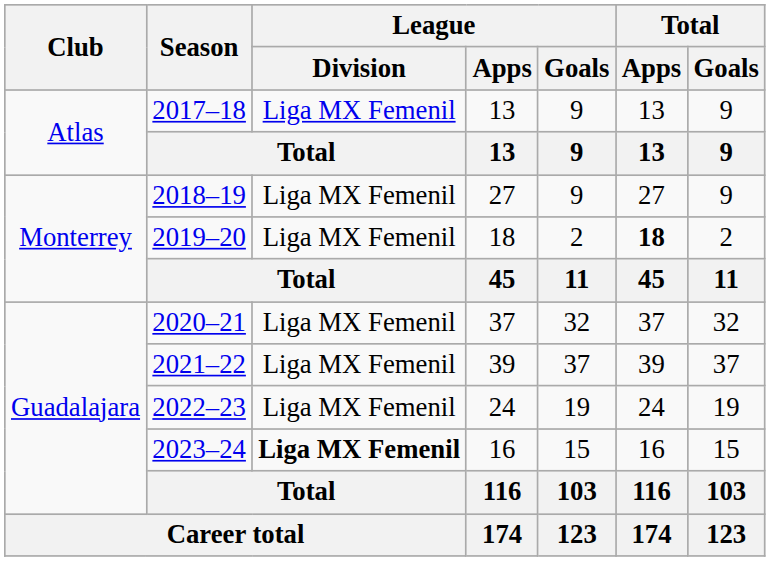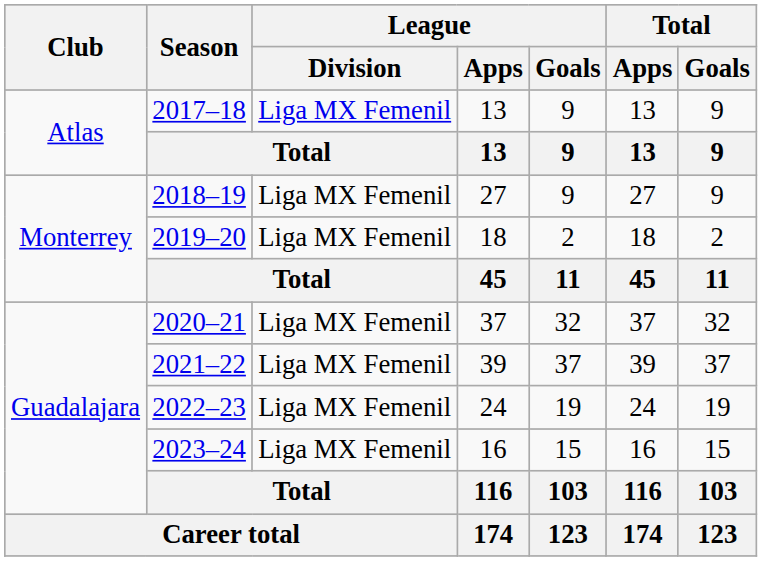 <table class=wikitable style="text-align: center;">
 <tr>
 <th rowspan=2>Club</th>
 <th rowspan=2>Season</th>
 <th colspan=3>League</th>
 <th colspan=2>Total</th>
 </tr>
 <tr>
 <th>Division</th>
 <th>Apps</th>
 <th>Goals</th>
 <th>Apps</th>
 <th>Goals</th>
 </tr>
 <tr>
 <td rowspan=2><a href='#'>Atlas</a></td>
 <td><a href='#'>2017–18</a></td>
 <td><a href='#'>Liga MX Femenil</a></td>
 <td>13</td>
 <td>9</td>
 <td>13</td>
 <td>9</td>
 </tr>
 <tr>
 <th colspan=2>Total</th>
 <th>13</th>
 <th>9</th>
 <th>13</th>
 <th>9</th>
 </tr>
 <tr>
 <td rowspan=3><a href='#'>Monterrey</a></td>
 <td><a href='#'>2018–19</a></td>
 <td>Liga MX Femenil</td>
 <td>27</td>
 <td>9</td>
 <td>27</td>
 <td>9</td>
 </tr>
 <tr>
 <td><a href='#'>2019–20</a></td>
 <td>Liga MX Femenil</td>
 <td>18</td>
 <td>2</td>
-<td><strong>18</strong></td>
+<td>18</td>
 <td>2</td>
 </tr>
 <tr>
 <th colspan=2>Total</th>
 <th>45</th>
 <th>11</th>
 <th>45</th>
 <th>11</th>
 </tr>
 <tr>
 <td rowspan=5><a href='#'>Guadalajara</a></td>
 <td><a href='#'>2020–21</a></td>
 <td>Liga MX Femenil</td>
 <td>37</td>
 <td>32</td>
 <td>37</td>
 <td>32</td>
 </tr>
 <tr>
 <td><a href='#'>2021–22</a></td>
 <td>Liga MX Femenil</td>
 <td>39</td>
 <td>37</td>
 <td>39</td>
 <td>37</td>
 </tr>
 <tr>
 <td><a href='#'>2022–23</a></td>
 <td>Liga MX Femenil</td>
 <td>24</td>
 <td>19</td>
 <td>24</td>
 <td>19</td>
 </tr>
 <tr>
 <td><a href='#'>2023–24</a></td>
-<td><strong>Liga MX Femenil</strong></td>
+<td>Liga MX Femenil</td>
 <td>16</td>
 <td>15</td>
 <td>16</td>
 <td>15</td>
 </tr>
 <tr>
 <th colspan=2>Total</th>
 <th>116</th>
 <th>103</th>
 <th>116</th>
 <th>103</th>
 </tr>
 <tr>
 <th colspan=3>Career total</th>
 <th>174</th>
 <th>123</th>
 <th>174</th>
 <th>123</th>
 </tr>
 </table>
